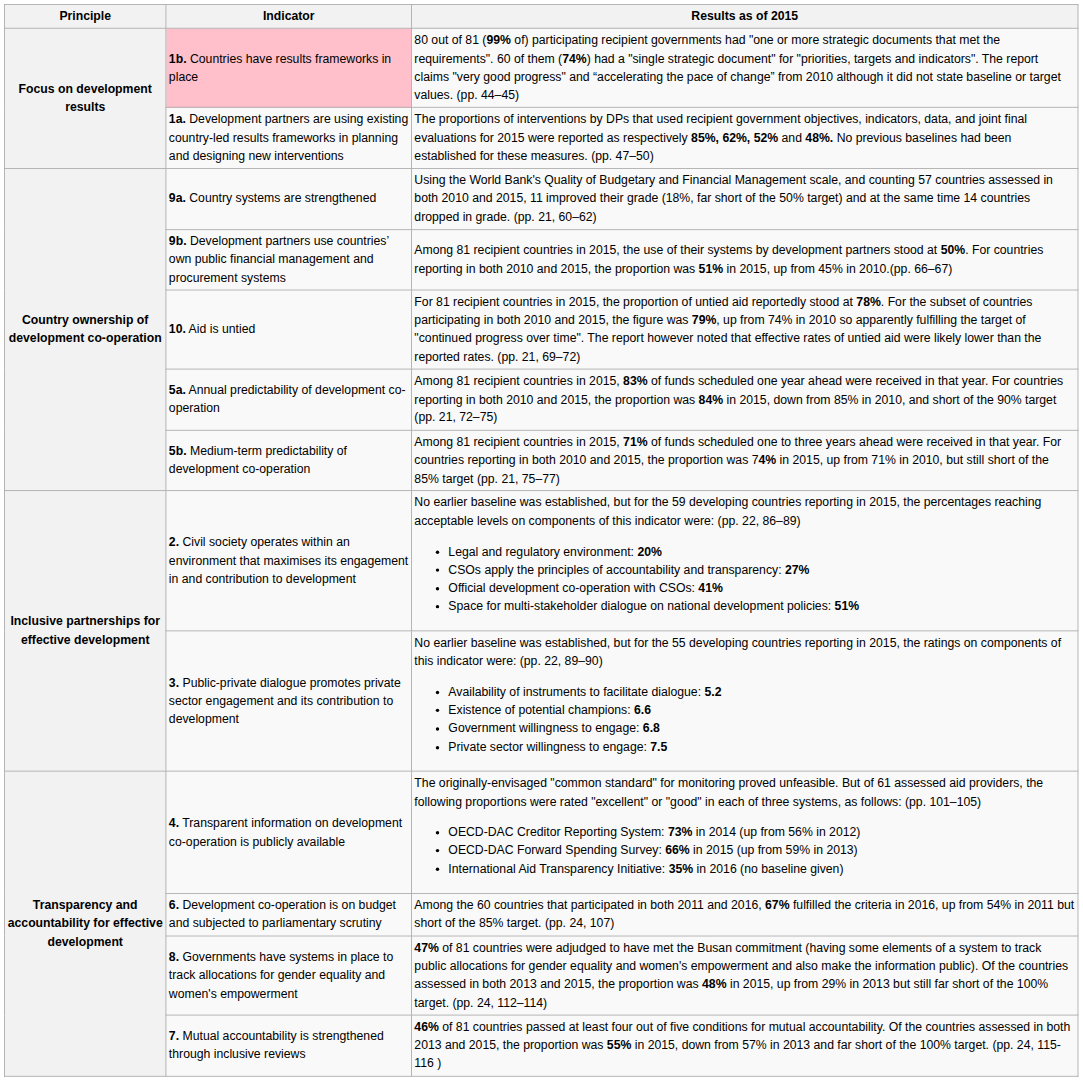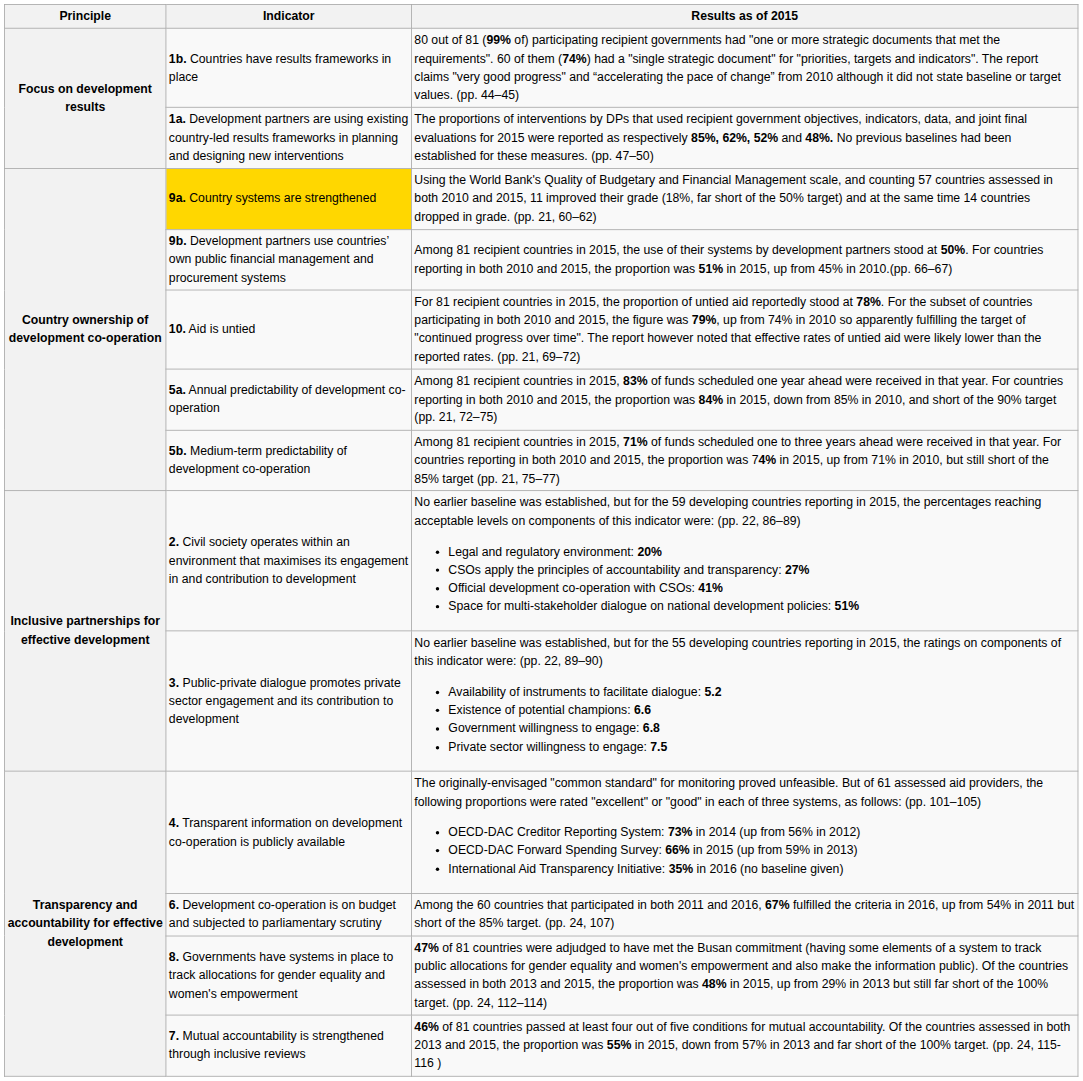 <table class="wikitable" style="margin-left: auto; margin-right: auto;text-align:left;font-size:90%;line-height:150%;">
 <tr>
 <th>Principle</th>
 <th>Indicator</th>
 <th>Results as of 2015</th>
 </tr>
 <tr>
 <th rowspan="2"><strong>Focus on development results</strong></th>
-<td style="background: pink;"><strong>1b.</strong> Countries have results frameworks in place</td>
+<td><strong>1b.</strong> Countries have results frameworks in place</td>
 <td>80 out of 81 (<strong>99%</strong> of) participating recipient governments had "one or more strategic documents that met the requirements". 60 of them (<strong>74%</strong>) had a "single strategic document" for "priorities, targets and indicators". The report claims "very good progress" and “accelerating the pace of change” from 2010 although it did not state baseline or target values. (pp. 44–45)</td>
 </tr>
 <tr>
 <td><strong>1a.</strong> Development partners are using existing country-led results frameworks in planning and designing new interventions</td>
 <td>The proportions of interventions by DPs that used recipient government objectives, indicators, data, and joint final evaluations for 2015 were reported as respectively <strong>85%, 62%, 52%</strong> and <strong>48%.</strong> No previous baselines had been established for these measures. (pp. 47–50)</td>
 </tr>
 <tr>
 <th rowspan="5"><strong>Country ownership of development co-operation</strong></th>
-<td><strong>9a.</strong> Country systems are strengthened</td>
+<td style="background: gold;"><strong>9a.</strong> Country systems are strengthened</td>
 <td>Using the World Bank's Quality of Budgetary and Financial Management scale, and counting 57 countries assessed in both 2010 and 2015, 11 improved their grade (18%, far short of the 50% target) and at the same time 14 countries dropped in grade. (pp. 21, 60–62)</td>
 </tr>
 <tr>
 <td><strong>9b.</strong> Development partners use countries’ own public financial management and procurement systems</td>
 <td>Among 81 recipient countries in 2015, the use of their systems by development partners stood at <strong>50%</strong>. For countries reporting in both 2010 and 2015, the proportion was <strong>51%</strong> in 2015, up from 45% in 2010.(pp. 66–67)</td>
 </tr>
 <tr>
 <td><strong>10.</strong> Aid is untied</td>
 <td>For 81 recipient countries in 2015, the proportion of untied aid reportedly stood at <strong>78%</strong>. For the subset of countries participating in both 2010 and 2015, the figure was <strong>79%</strong>, up from 74% in 2010 so apparently fulfilling the target of "continued progress over time". The report however noted that effective rates of untied aid were likely lower than the reported rates. (pp. 21, 69–72)</td>
 </tr>
 <tr>
 <td><strong>5a.</strong> Annual predictability of development co-operation</td>
 <td>Among 81 recipient countries in 2015, <strong>83%</strong> of funds scheduled one year ahead were received in that year. For countries reporting in both 2010 and 2015, the proportion was <strong>84%</strong> in 2015, down from 85% in 2010, and short of the 90% target (pp. 21, 72–75)</td>
 </tr>
 <tr>
 <td><strong>5b.</strong> Medium-term predictability of development co-operation</td>
 <td>Among 81 recipient countries in 2015, <strong>71%</strong> of funds scheduled one to three years ahead were received in that year. For countries reporting in both 2010 and 2015, the proportion was 7<strong>4%</strong> in 2015, up from 71% in 2010, but still short of the 85% target (pp. 21, 75–77)</td>
 </tr>
 <tr>
 <th rowspan="2"><strong>Inclusive partnerships for effective development</strong></th>
 <td><strong>2.</strong> Civil society operates within an environment that maximises its engagement in and contribution to development</td>
 <td>No earlier baseline was established, but for the 59 developing countries reporting in 2015, the percentages reaching acceptable levels on components of this indicator were: (pp. 22, 86–89)<br><ul><li>Legal and regulatory environment: <strong>20%</strong></li><li>CSOs apply the principles of accountability and transparency: <strong>27%</strong></li><li>Official development co-operation with CSOs: <strong>41%</strong></li><li>Space for multi-stakeholder dialogue on national development policies: <strong>51%</strong></li></ul></td>
 </tr>
 <tr>
 <td><strong>3.</strong> Public-private dialogue promotes private sector engagement and its contribution to development</td>
 <td>No earlier baseline was established, but for the 55 developing countries reporting in 2015, the ratings on components of this indicator were: (pp. 22, 89–90)<br><ul><li>Availability of instruments to facilitate dialogue: <strong>5.2</strong></li><li>Existence of potential champions: <strong>6.6</strong></li><li>Government willingness to engage: <strong>6.8</strong></li><li>Private sector willingness to engage: <strong>7.5</strong></li></ul></td>
 </tr>
 <tr>
 <th rowspan="4"><strong>Transparency and accountability for effective development</strong></th>
 <td><strong>4.</strong> Transparent information on development co-operation is publicly available</td>
 <td>The originally-envisaged "common standard" for monitoring proved unfeasible. But of 61 assessed aid providers, the following proportions were rated "excellent" or "good" in each of three systems, as follows: (pp. 101–105)<br><ul><li>OECD-DAC Creditor Reporting System: <strong>73%</strong> in 2014 (up from 56% in 2012)</li><li>OECD-DAC Forward Spending Survey: <strong>66%</strong> in 2015 (up from 59% in 2013)</li><li>International Aid Transparency Initiative: <strong>35%</strong> in 2016 (no baseline given)</li></ul></td>
 </tr>
 <tr>
 <td><strong>6.</strong> Development co-operation is on budget and subjected to parliamentary scrutiny</td>
 <td>Among the 60 countries that participated in both 2011 and 2016, <strong>67%</strong> fulfilled the criteria in 2016, up from 54% in 2011 but short of the 85% target. (pp. 24, 107)</td>
 </tr>
 <tr>
 <td><strong>8.</strong> Governments have systems in place to track allocations for gender equality and women's empowerment</td>
 <td><strong>47%</strong> of 81 countries were adjudged to have met the Busan commitment (having some elements of a system to track public allocations for gender equality and women's empowerment and also make the information public). Of the countries assessed in both 2013 and 2015, the proportion was <strong>48%</strong> in 2015, up from 29% in 2013 but still far short of the 100% target. (pp. 24, 112–114)</td>
 </tr>
 <tr>
 <td><strong>7.</strong> Mutual accountability is strengthened through inclusive reviews</td>
 <td><strong>46%</strong> of 81 countries passed at least four out of five conditions for mutual accountability. Of the countries assessed in both 2013 and 2015, the proportion was <strong>55%</strong> in 2015, down from 57% in 2013 and far short of the 100% target. (pp. 24, 115-116 )</td>
 </tr>
 </table>
